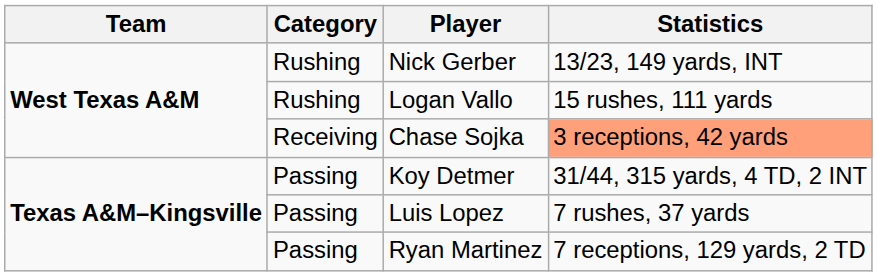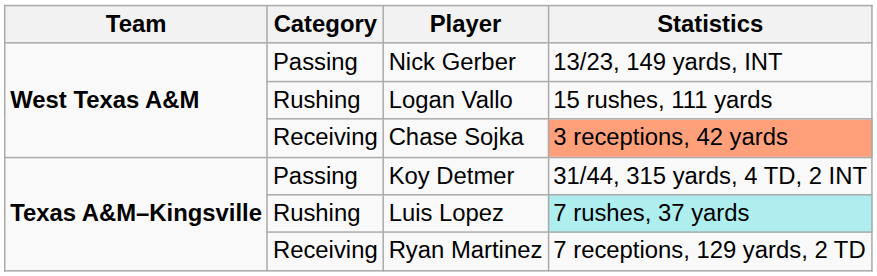 <table class="wikitable" style="float: left;">
 <tr>
 <th>Team</th>
 <th>Category</th>
 <th>Player</th>
 <th>Statistics</th>
 </tr>
 <tr>
 <td rowspan=3><strong>West Texas A&M</strong></td>
-<td>Rushing</td>
+<td>Passing</td>
 <td>Nick Gerber</td>
 <td>13/23, 149 yards, INT</td>
 </tr>
 <tr>
 <td>Rushing</td>
 <td>Logan Vallo</td>
 <td>15 rushes, 111 yards</td>
 </tr>
 <tr>
 <td>Receiving</td>
 <td>Chase Sojka</td>
 <td style="background: lightsalmon;">3 receptions, 42 yards</td>
 </tr>
 <tr>
 <td rowspan=3><strong>Texas A&M–Kingsville</strong></td>
 <td>Passing</td>
 <td>Koy Detmer</td>
 <td>31/44, 315 yards, 4 TD, 2 INT</td>
 </tr>
 <tr>
-<td>Passing</td>
+<td>Rushing</td>
 <td>Luis Lopez</td>
-<td>7 rushes, 37 yards</td>
+<td style="background: paleturquoise;">7 rushes, 37 yards</td>
 </tr>
 <tr>
-<td>Passing</td>
+<td>Receiving</td>
 <td>Ryan Martinez</td>
 <td>7 receptions, 129 yards, 2 TD</td>
 </tr>
 </table>
